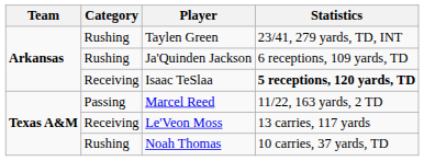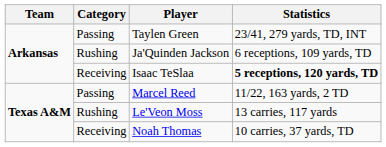 <table class="wikitable" style="float: right;">
 <tr>
 <th>Team</th>
 <th>Category</th>
 <th>Player</th>
 <th>Statistics</th>
 </tr>
 <tr>
 <td rowspan=3><strong>Arkansas</strong></td>
-<td>Rushing</td>
+<td>Passing</td>
 <td>Taylen Green</td>
 <td>23/41, 279 yards, TD, INT</td>
 </tr>
 <tr>
 <td>Rushing</td>
 <td>Ja'Quinden Jackson</td>
 <td>6 receptions, 109 yards, TD</td>
 </tr>
 <tr>
 <td>Receiving</td>
 <td>Isaac TeSlaa</td>
 <td><strong>5 receptions, 120 yards, TD</strong></td>
 </tr>
 <tr>
 <td rowspan=3><strong>Texas A&M</strong></td>
 <td>Passing</td>
 <td><a href='#'>Marcel Reed</a></td>
 <td>11/22, 163 yards, 2 TD</td>
 </tr>
 <tr>
-<td>Receiving</td>
+<td>Rushing</td>
 <td><a href='#'>Le'Veon Moss</a></td>
 <td>13 carries, 117 yards</td>
 </tr>
 <tr>
-<td>Rushing</td>
+<td>Receiving</td>
 <td><a href='#'>Noah Thomas</a></td>
 <td>10 carries, 37 yards, TD</td>
 </tr>
 </table>
